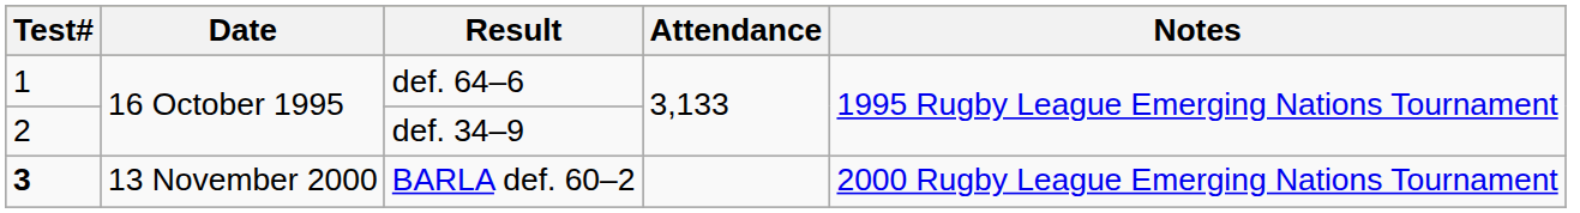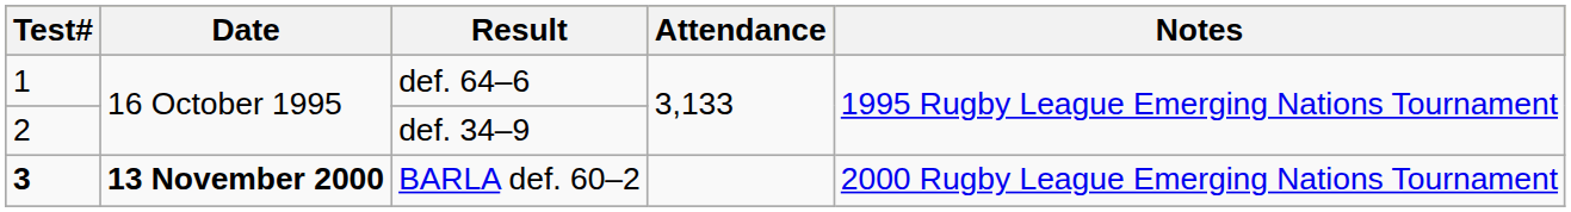 <table class="wikitable">
 <tr style="background:#bdb76b;">
 <th>Test#</th>
 <th>Date</th>
 <th>Result</th>
 <th>Attendance</th>
 <th>Notes</th>
 </tr>
 <tr>
 <td>1</td>
 <td rowspan=2>16 October 1995</td>
 <td> def.  64–6</td>
 <td rowspan=2>3,133</td>
 <td rowspan=2><a href='#'>1995 Rugby League Emerging Nations Tournament</a></td>
 </tr>
 <tr>
 <td>2</td>
 <td> def.  34–9</td>
 </tr>
 <tr>
 <td><strong>3</strong></td>
-<td>13 November 2000</td>
+<td><strong>13 November 2000</strong></td>
 <td> <a href='#'>BARLA</a> def.  60–2</td>
 <td></td>
 <td><a href='#'>2000 Rugby League Emerging Nations Tournament</a></td>
 </tr>
 </table>
